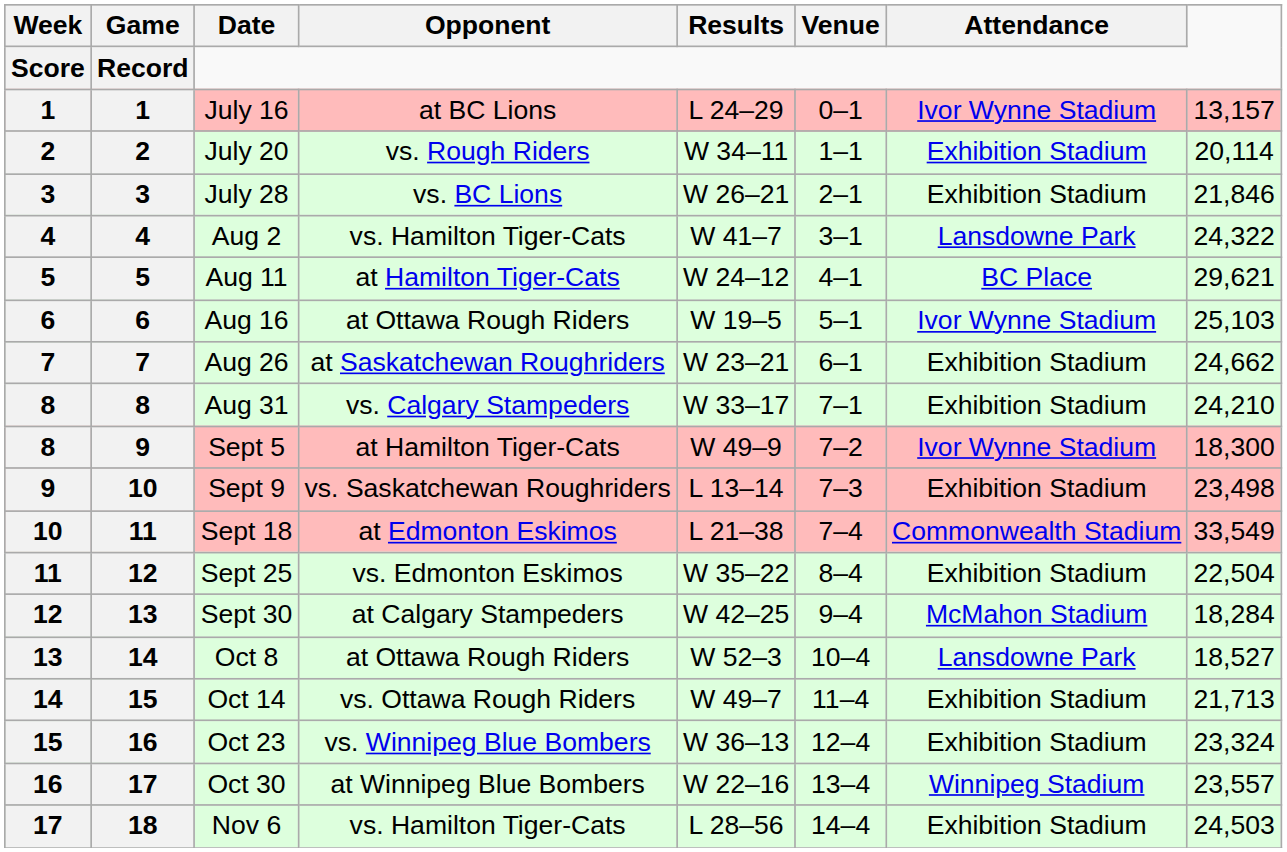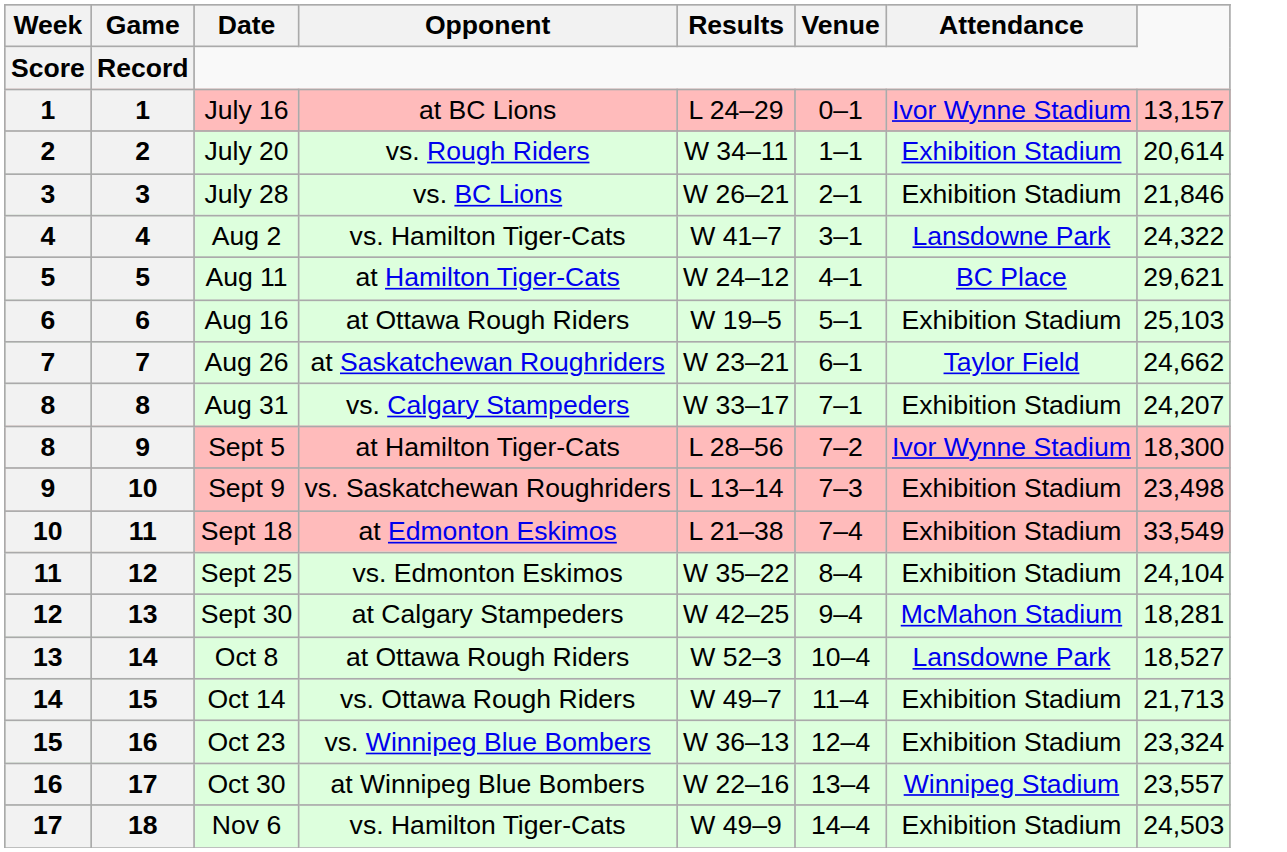 <table class="wikitable" style="text-align:center">
 <tr>
 <th>Week</th>
 <th>Game</th>
 <th>Date</th>
 <th>Opponent</th>
 <th>Results</th>
 <th>Venue</th>
 <th>Attendance</th>
 </tr>
 <tr>
 <th>Score</th>
 <th>Record</th>
 </tr>
 <tr style="background:#ffbbbb">
 <th>1</th>
 <th>1</th>
 <td>July 16</td>
 <td>at BC Lions</td>
 <td>L 24–29</td>
 <td>0–1</td>
 <td><a href='#'>Ivor Wynne Stadium</a></td>
 <td>13,157</td>
 </tr>
 <tr style="background:#ddffdd">
 <th>2</th>
 <th>2</th>
 <td>July 20</td>
 <td>vs. <a href='#'>Rough Riders</a></td>
 <td>W 34–11</td>
 <td>1–1</td>
 <td><a href='#'>Exhibition Stadium</a></td>
-<td>20,114</td>
+<td>20,614</td>
 </tr>
 <tr style="background:#ddffdd">
 <th>3</th>
 <th>3</th>
 <td>July 28</td>
 <td>vs. <a href='#'>BC Lions</a></td>
 <td>W 26–21</td>
 <td>2–1</td>
 <td>Exhibition Stadium</td>
 <td>21,846</td>
 </tr>
 <tr style="background:#ddffdd">
 <th>4</th>
 <th>4</th>
 <td>Aug 2</td>
 <td>vs. Hamilton Tiger-Cats</td>
 <td>W 41–7</td>
 <td>3–1</td>
 <td><a href='#'>Lansdowne Park</a></td>
 <td>24,322</td>
 </tr>
 <tr style="background:#ddffdd">
 <th>5</th>
 <th>5</th>
 <td>Aug 11</td>
 <td>at <a href='#'>Hamilton Tiger-Cats</a></td>
 <td>W 24–12</td>
 <td>4–1</td>
 <td><a href='#'>BC Place</a></td>
 <td>29,621</td>
 </tr>
 <tr style="background:#ddffdd">
 <th>6</th>
 <th>6</th>
 <td>Aug 16</td>
 <td>at Ottawa Rough Riders</td>
 <td>W 19–5</td>
 <td>5–1</td>
-<td><a href='#'>Ivor Wynne Stadium</a></td>
+<td>Exhibition Stadium</td>
 <td>25,103</td>
 </tr>
 <tr style="background:#ddffdd">
 <th>7</th>
 <th>7</th>
 <td>Aug 26</td>
 <td>at <a href='#'>Saskatchewan Roughriders</a></td>
 <td>W 23–21</td>
 <td>6–1</td>
-<td>Exhibition Stadium</td>
+<td><a href='#'>Taylor Field</a></td>
 <td>24,662</td>
 </tr>
 <tr style="background:#ddffdd">
 <th>8</th>
 <th>8</th>
 <td>Aug 31</td>
 <td>vs. <a href='#'>Calgary Stampeders</a></td>
 <td>W 33–17</td>
 <td>7–1</td>
 <td>Exhibition Stadium</td>
-<td>24,210</td>
+<td>24,207</td>
 </tr>
 <tr style="background:#ffbbbb">
 <th>8</th>
 <th>9</th>
 <td>Sept 5</td>
 <td>at Hamilton Tiger-Cats</td>
-<td>W 49–9</td>
+<td>L 28–56</td>
 <td>7–2</td>
 <td><a href='#'>Ivor Wynne Stadium</a></td>
 <td>18,300</td>
 </tr>
 <tr style="background:#ffbbbb">
 <th>9</th>
 <th>10</th>
 <td>Sept 9</td>
 <td>vs. Saskatchewan Roughriders</td>
 <td>L 13–14</td>
 <td>7–3</td>
 <td>Exhibition Stadium</td>
 <td>23,498</td>
 </tr>
 <tr style="background:#ffbbbb">
 <th>10</th>
 <th>11</th>
 <td>Sept 18</td>
 <td>at <a href='#'>Edmonton Eskimos</a></td>
 <td>L 21–38</td>
 <td>7–4</td>
-<td><a href='#'>Commonwealth Stadium</a></td>
+<td>Exhibition Stadium</td>
 <td>33,549</td>
 </tr>
 <tr style="background:#ddffdd">
 <th>11</th>
 <th>12</th>
 <td>Sept 25</td>
 <td>vs. Edmonton Eskimos</td>
 <td>W 35–22</td>
 <td>8–4</td>
 <td>Exhibition Stadium</td>
-<td>22,504</td>
+<td>24,104</td>
 </tr>
 <tr style="background:#ddffdd">
 <th>12</th>
 <th>13</th>
 <td>Sept 30</td>
 <td>at Calgary Stampeders</td>
 <td>W 42–25</td>
 <td>9–4</td>
 <td><a href='#'>McMahon Stadium</a></td>
-<td>18,284</td>
+<td>18,281</td>
 </tr>
 <tr style="background:#ddffdd">
 <th>13</th>
 <th>14</th>
 <td>Oct 8</td>
 <td>at Ottawa Rough Riders</td>
 <td>W 52–3</td>
 <td>10–4</td>
 <td><a href='#'>Lansdowne Park</a></td>
 <td>18,527</td>
 </tr>
 <tr style="background:#ddffdd">
 <th>14</th>
 <th>15</th>
 <td>Oct 14</td>
 <td>vs. Ottawa Rough Riders</td>
 <td>W 49–7</td>
 <td>11–4</td>
 <td>Exhibition Stadium</td>
 <td>21,713</td>
 </tr>
 <tr style="background:#ddffdd">
 <th>15</th>
 <th>16</th>
 <td>Oct 23</td>
 <td>vs. <a href='#'>Winnipeg Blue Bombers</a></td>
 <td>W 36–13</td>
 <td>12–4</td>
 <td>Exhibition Stadium</td>
 <td>23,324</td>
 </tr>
 <tr style="background:#ddffdd">
 <th>16</th>
 <th>17</th>
 <td>Oct 30</td>
 <td>at Winnipeg Blue Bombers</td>
 <td>W 22–16</td>
 <td>13–4</td>
 <td><a href='#'>Winnipeg Stadium</a></td>
 <td>23,557</td>
 </tr>
 <tr style="background:#ddffdd">
 <th>17</th>
 <th>18</th>
 <td>Nov 6</td>
 <td>vs. Hamilton Tiger-Cats</td>
-<td>L 28–56</td>
+<td>W 49–9</td>
 <td>14–4</td>
 <td>Exhibition Stadium</td>
 <td>24,503</td>
 </tr>
 </table>
